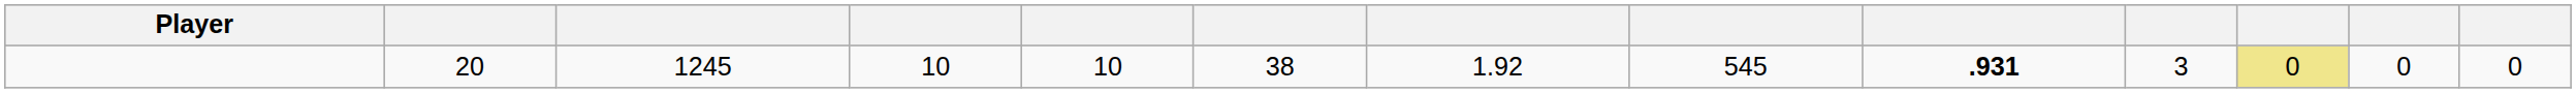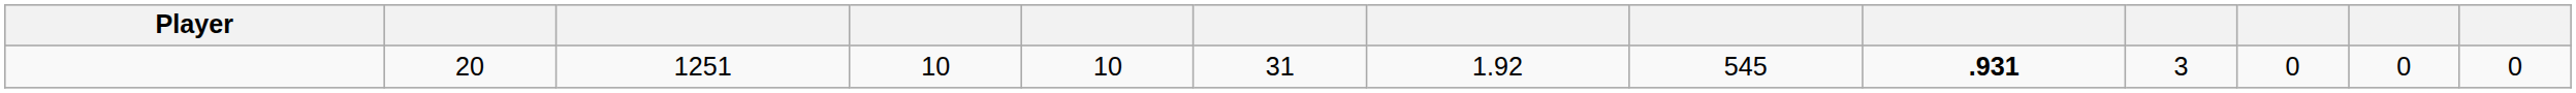 <table class="wikitable sortable" style="width:100%;">
 <tr style="text-align:center; background:#ddd;">
 <th>Player</th>
 <th></th>
 <th></th>
 <th></th>
 <th></th>
 <th></th>
 <th></th>
 <th></th>
 <th></th>
 <th></th>
 <th></th>
 <th></th>
 <th></th>
 </tr>
 <tr align=center>
 <td></td>
 <td>20</td>
-<td>1245</td>
+<td>1251</td>
 <td>10</td>
 <td>10</td>
-<td>38</td>
+<td>31</td>
 <td>1.92</td>
 <td>545</td>
 <td><strong>.931</strong></td>
 <td>3</td>
-<td style="background: khaki;">0</td>
+<td>0</td>
 <td>0</td>
 <td>0</td>
 </tr>
 </table>
